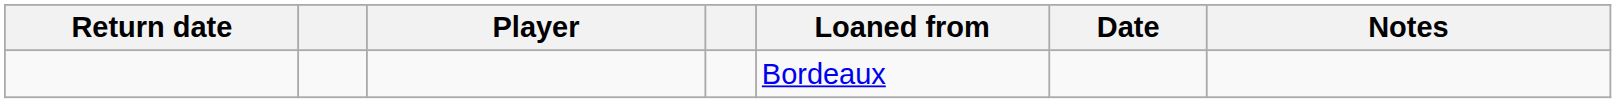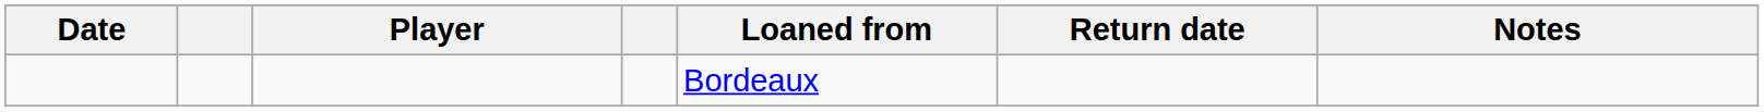 <table class="wikitable sortable">
 <tr>
-<th style="width:155px;" class="unsortable">Return date</th>
+<th style="width:80px;">Date</th>
 <th style="width:30px;"></th>
 <th style="width:180px;">Player</th>
 <th style="width:20px;"></th>
 <th style="width:155px;">Loaned from</th>
-<th style="width:80px;">Date</th>
+<th style="width:155px;" class="unsortable">Return date</th>
 <th style="width:215px;" class="unsortable">Notes</th>
 </tr>
 <tr>
 <td></td>
 <td align=center></td>
 <td> </td>
 <td></td>
 <td> <a href='#'>Bordeaux</a></td>
 <td></td>
 <td align=center></td>
 </tr>
 </table>
